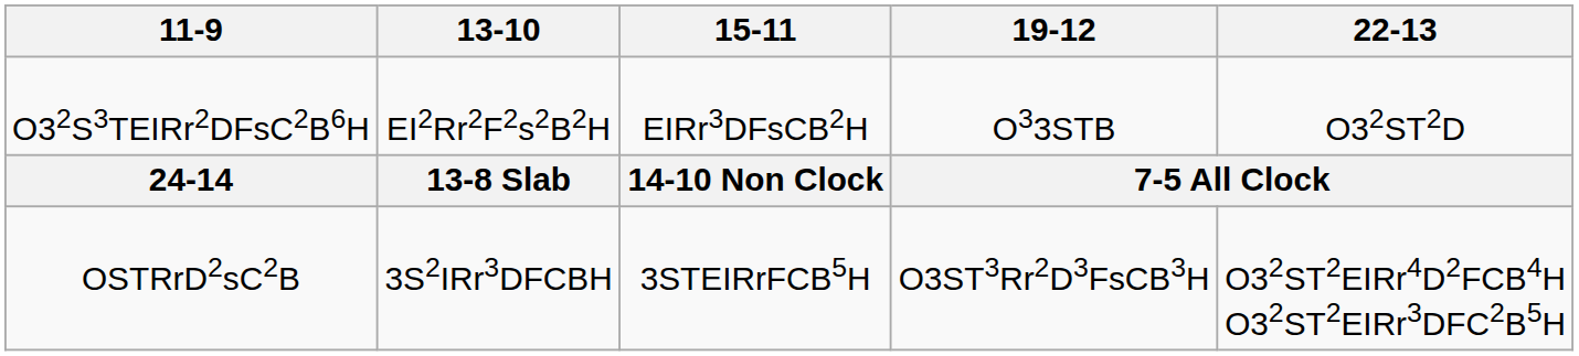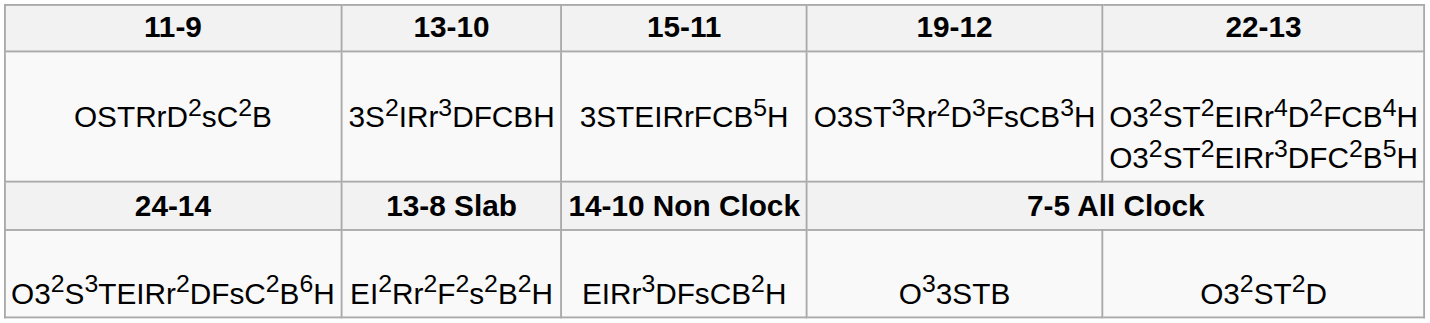 <table class="wikitable" style="margin: auto;">
 <tr>
 <th>11-9</th>
 <th>13-10</th>
 <th>15-11</th>
 <th>19-12</th>
 <th>22-13</th>
 </tr>
+<tr align="center" valign="top">
+<td> <br>OSTRrD<sup>2</sup>sC<sup>2</sup>B</td>
+<td> <br> 3S<sup>2</sup>IRr<sup>3</sup>DFCBH</td>
+<td> <br> 3STEIRrFCB<sup>5</sup>H</td>
+<td> <br> O3ST<sup>3</sup>Rr<sup>2</sup>D<sup>3</sup>FsCB<sup>3</sup>H</td>
+<td> <br> O3<sup>2</sup>ST<sup>2</sup>EIRr<sup>4</sup>D<sup>2</sup>FCB<sup>4</sup>H <br> O3<sup>2</sup>ST<sup>2</sup>EIRr<sup>3</sup>DFC<sup>2</sup>B<sup>5</sup>H</td>
+</tr>
+<tr>
+<th>24-14</th>
+<th>13-8 Slab</th>
+<th>14-10 Non Clock</th>
+<th colspan="2">7-5 All Clock</th>
+</tr>
 <tr align="center">
 <td> <br> O3<sup>2</sup>S<sup>3</sup>TEIRr<sup>2</sup>DFsC<sup>2</sup>B<sup>6</sup>H</td>
 <td> <br> EI<sup>2</sup>Rr<sup>2</sup>F<sup>2</sup>s<sup>2</sup>B<sup>2</sup>H</td>
 <td> <br> EIRr<sup>3</sup>DFsCB<sup>2</sup>H</td>
 <td><br> O<sup>3</sup>3STB</td>
 <td> <br> O3<sup>2</sup>ST<sup>2</sup>D</td>
 </tr>
-<tr>
-<th>24-14</th>
-<th>13-8 Slab</th>
-<th>14-10 Non Clock</th>
-<th colspan="2">7-5 All Clock</th>
-</tr>
-<tr align="center" valign="top">
-<td> <br>OSTRrD<sup>2</sup>sC<sup>2</sup>B</td>
-<td> <br> 3S<sup>2</sup>IRr<sup>3</sup>DFCBH</td>
-<td> <br> 3STEIRrFCB<sup>5</sup>H</td>
-<td> <br> O3ST<sup>3</sup>Rr<sup>2</sup>D<sup>3</sup>FsCB<sup>3</sup>H</td>
-<td> <br> O3<sup>2</sup>ST<sup>2</sup>EIRr<sup>4</sup>D<sup>2</sup>FCB<sup>4</sup>H <br> O3<sup>2</sup>ST<sup>2</sup>EIRr<sup>3</sup>DFC<sup>2</sup>B<sup>5</sup>H</td>
-</tr>
 </table>
